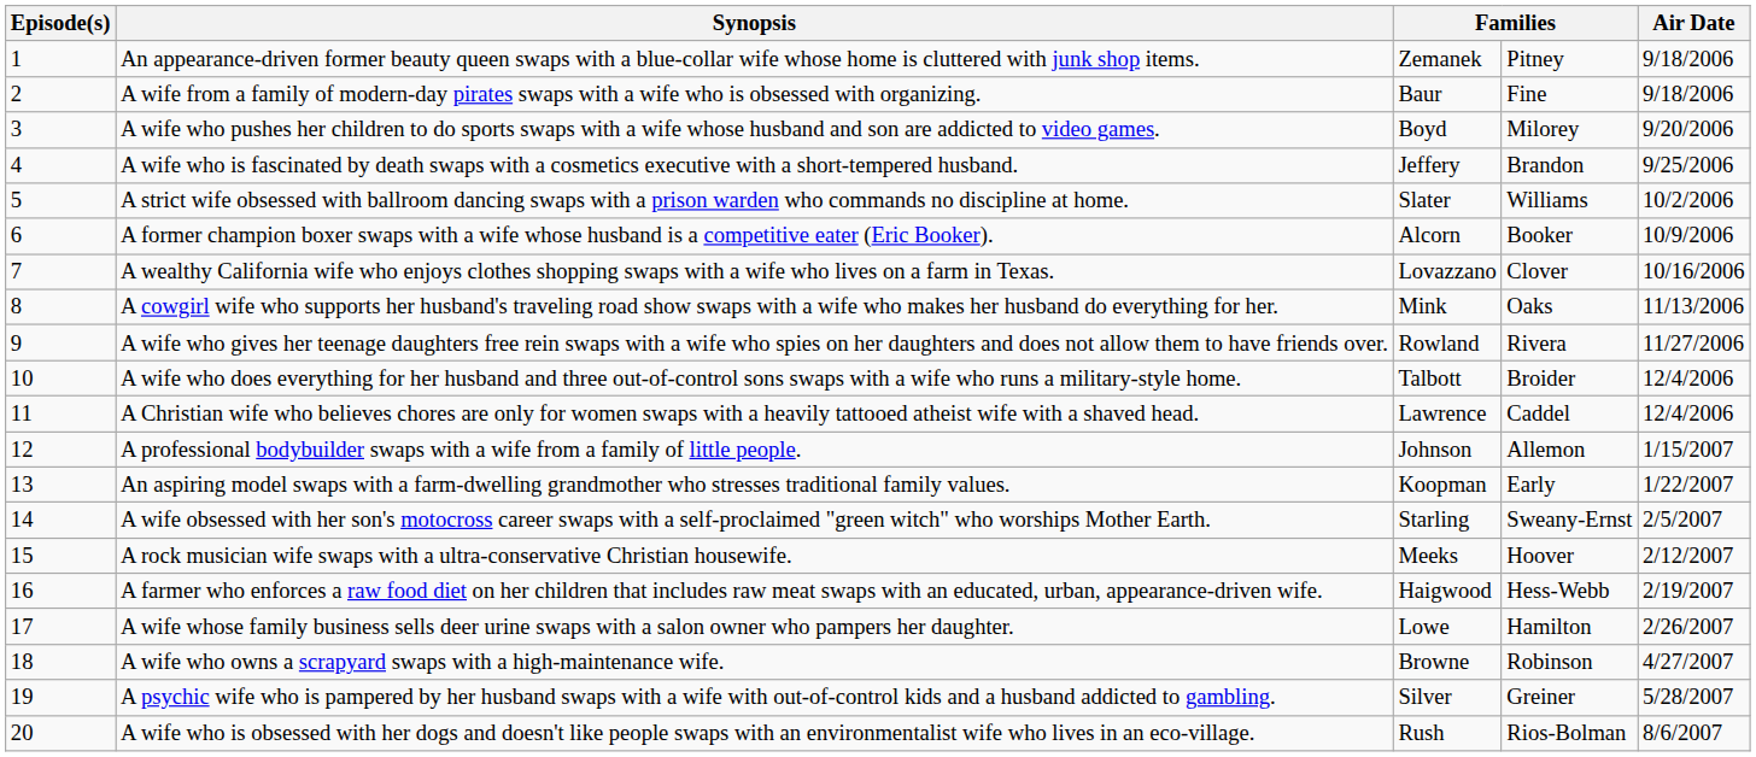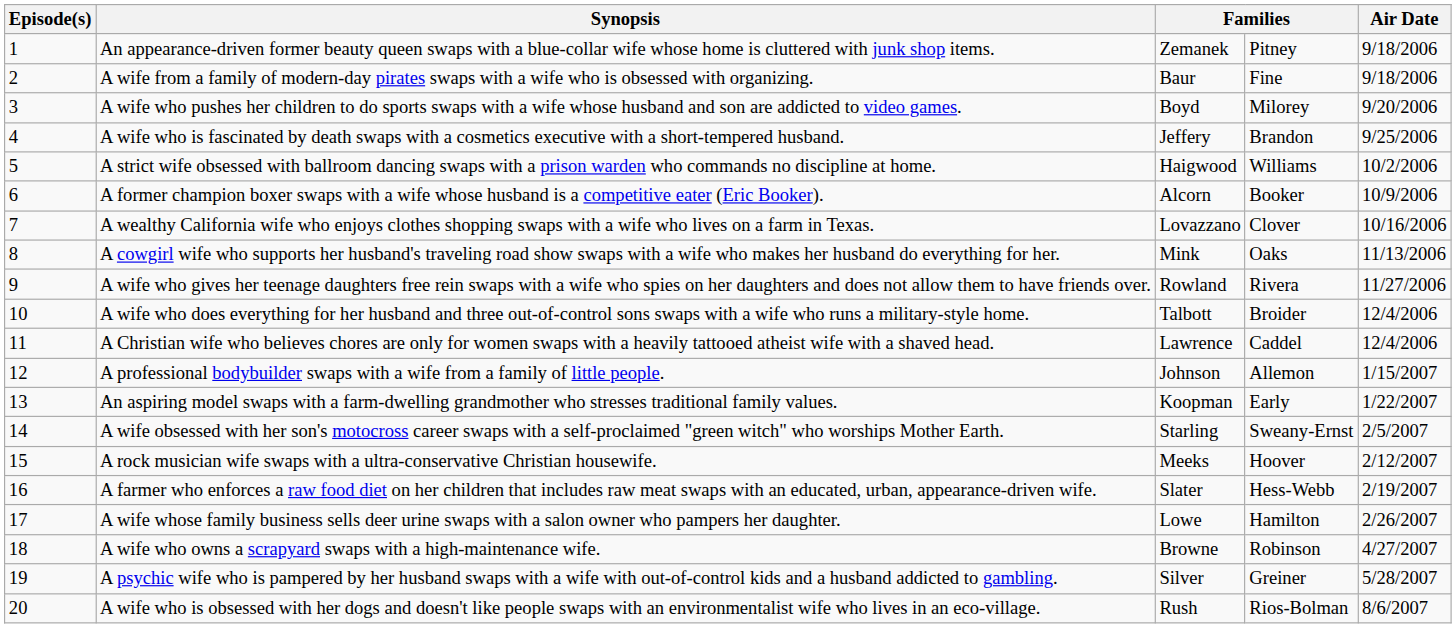 <table class="wikitable">
 <tr>
 <th>Episode(s)</th>
 <th>Synopsis</th>
 <th colspan="2">Families</th>
 <th>Air Date</th>
 </tr>
 <tr>
 <td>1</td>
 <td>An appearance-driven former beauty queen swaps with a blue-collar wife whose home is cluttered with <a href='#'>junk shop</a> items.</td>
 <td>Zemanek</td>
 <td>Pitney</td>
 <td>9/18/2006</td>
 </tr>
 <tr>
 <td>2</td>
 <td>A wife from a family of modern-day <a href='#'>pirates</a> swaps with a wife who is obsessed with organizing.</td>
 <td>Baur</td>
 <td>Fine</td>
 <td>9/18/2006</td>
 </tr>
 <tr>
 <td>3</td>
 <td>A wife who pushes her children to do sports swaps with a wife whose husband and son are addicted to <a href='#'>video games</a>.</td>
 <td>Boyd</td>
 <td>Milorey</td>
 <td>9/20/2006</td>
 </tr>
 <tr>
 <td>4</td>
 <td>A wife who is fascinated by death swaps with a cosmetics executive with a short-tempered husband.</td>
 <td>Jeffery</td>
 <td>Brandon</td>
 <td>9/25/2006</td>
 </tr>
 <tr>
 <td>5</td>
 <td>A strict wife obsessed with ballroom dancing swaps with a <a href='#'>prison warden</a> who commands no discipline at home.</td>
-<td>Slater</td>
+<td>Haigwood</td>
 <td>Williams</td>
 <td>10/2/2006</td>
 </tr>
 <tr>
 <td>6</td>
 <td>A former champion boxer swaps with a wife whose husband is a <a href='#'>competitive eater</a> (<a href='#'>Eric Booker</a>).</td>
 <td>Alcorn</td>
 <td>Booker</td>
 <td>10/9/2006</td>
 </tr>
 <tr>
 <td>7</td>
 <td>A wealthy California wife who enjoys clothes shopping swaps with a wife who lives on a farm in Texas.</td>
 <td>Lovazzano</td>
 <td>Clover</td>
 <td>10/16/2006</td>
 </tr>
 <tr>
 <td>8</td>
 <td>A <a href='#'>cowgirl</a> wife who supports her husband's traveling road show swaps with a wife who makes her husband do everything for her.</td>
 <td>Mink</td>
 <td>Oaks</td>
 <td>11/13/2006</td>
 </tr>
 <tr>
 <td>9</td>
 <td>A wife who gives her teenage daughters free rein swaps with a wife who spies on her daughters and does not allow them to have friends over.</td>
 <td>Rowland</td>
 <td>Rivera</td>
 <td>11/27/2006</td>
 </tr>
 <tr>
 <td>10</td>
 <td>A wife who does everything for her husband and three out-of-control sons swaps with a wife who runs a military-style home.</td>
 <td>Talbott</td>
 <td>Broider</td>
 <td>12/4/2006</td>
 </tr>
 <tr>
 <td>11</td>
 <td>A Christian wife who believes chores are only for women swaps with a heavily tattooed atheist wife with a shaved head.</td>
 <td>Lawrence</td>
 <td>Caddel</td>
 <td>12/4/2006</td>
 </tr>
 <tr>
 <td>12</td>
 <td>A professional <a href='#'>bodybuilder</a> swaps with a wife from a family of <a href='#'>little people</a>.</td>
 <td>Johnson</td>
 <td>Allemon</td>
 <td>1/15/2007</td>
 </tr>
 <tr>
 <td>13</td>
 <td>An aspiring model swaps with a farm-dwelling grandmother who stresses traditional family values.</td>
 <td>Koopman</td>
 <td>Early</td>
 <td>1/22/2007</td>
 </tr>
 <tr>
 <td>14</td>
 <td>A wife obsessed with her son's <a href='#'>motocross</a> career swaps with a self-proclaimed "green witch" who worships Mother Earth.</td>
 <td>Starling</td>
 <td>Sweany-Ernst</td>
 <td>2/5/2007</td>
 </tr>
 <tr>
 <td>15</td>
 <td>A rock musician wife swaps with a ultra-conservative Christian housewife.</td>
 <td>Meeks</td>
 <td>Hoover</td>
 <td>2/12/2007</td>
 </tr>
 <tr>
 <td>16</td>
 <td>A farmer who enforces a <a href='#'>raw food diet</a> on her children that includes raw meat swaps with an educated, urban, appearance-driven wife.</td>
-<td>Haigwood</td>
+<td>Slater</td>
 <td>Hess-Webb</td>
 <td>2/19/2007</td>
 </tr>
 <tr>
 <td>17</td>
 <td>A wife whose family business sells deer urine swaps with a salon owner who pampers her daughter.</td>
 <td>Lowe</td>
 <td>Hamilton</td>
 <td>2/26/2007</td>
 </tr>
 <tr>
 <td>18</td>
 <td>A wife who owns a <a href='#'>scrapyard</a> swaps with a high-maintenance wife.</td>
 <td>Browne</td>
 <td>Robinson</td>
 <td>4/27/2007</td>
 </tr>
 <tr>
 <td>19</td>
 <td>A <a href='#'>psychic</a> wife who is pampered by her husband swaps with a wife with out-of-control kids and a husband addicted to <a href='#'>gambling</a>.</td>
 <td>Silver</td>
 <td>Greiner</td>
 <td>5/28/2007</td>
 </tr>
 <tr>
 <td>20</td>
 <td>A wife who is obsessed with her dogs and doesn't like people swaps with an environmentalist wife who lives in an eco-village.</td>
 <td>Rush</td>
 <td>Rios-Bolman</td>
 <td>8/6/2007</td>
 </tr>
 </table>
